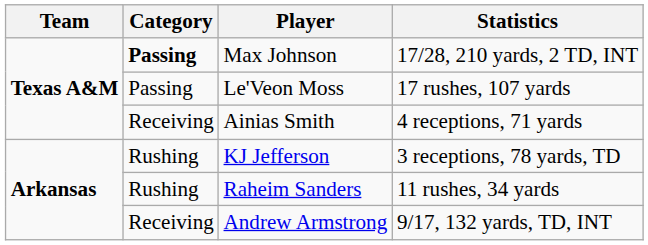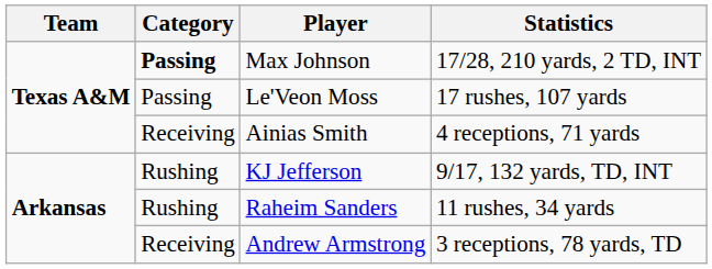 <table class="wikitable" style="float: right;">
 <tr>
 <th>Team</th>
 <th>Category</th>
 <th>Player</th>
 <th>Statistics</th>
 </tr>
 <tr>
 <td rowspan=3><strong>Texas A&M</strong></td>
 <td><strong>Passing</strong></td>
 <td>Max Johnson</td>
 <td>17/28, 210 yards, 2 TD, INT</td>
 </tr>
 <tr>
 <td>Passing</td>
 <td>Le'Veon Moss</td>
 <td>17 rushes, 107 yards</td>
 </tr>
 <tr>
 <td>Receiving</td>
 <td>Ainias Smith</td>
 <td>4 receptions, 71 yards</td>
 </tr>
 <tr>
 <td rowspan=3><strong>Arkansas</strong></td>
 <td>Rushing</td>
 <td><a href='#'>KJ Jefferson</a></td>
-<td>3 receptions, 78 yards, TD</td>
+<td>9/17, 132 yards, TD, INT</td>
 </tr>
 <tr>
 <td>Rushing</td>
 <td><a href='#'>Raheim Sanders</a></td>
 <td>11 rushes, 34 yards</td>
 </tr>
 <tr>
 <td>Receiving</td>
 <td><a href='#'>Andrew Armstrong</a></td>
-<td>9/17, 132 yards, TD, INT</td>
+<td>3 receptions, 78 yards, TD</td>
 </tr>
 </table>
